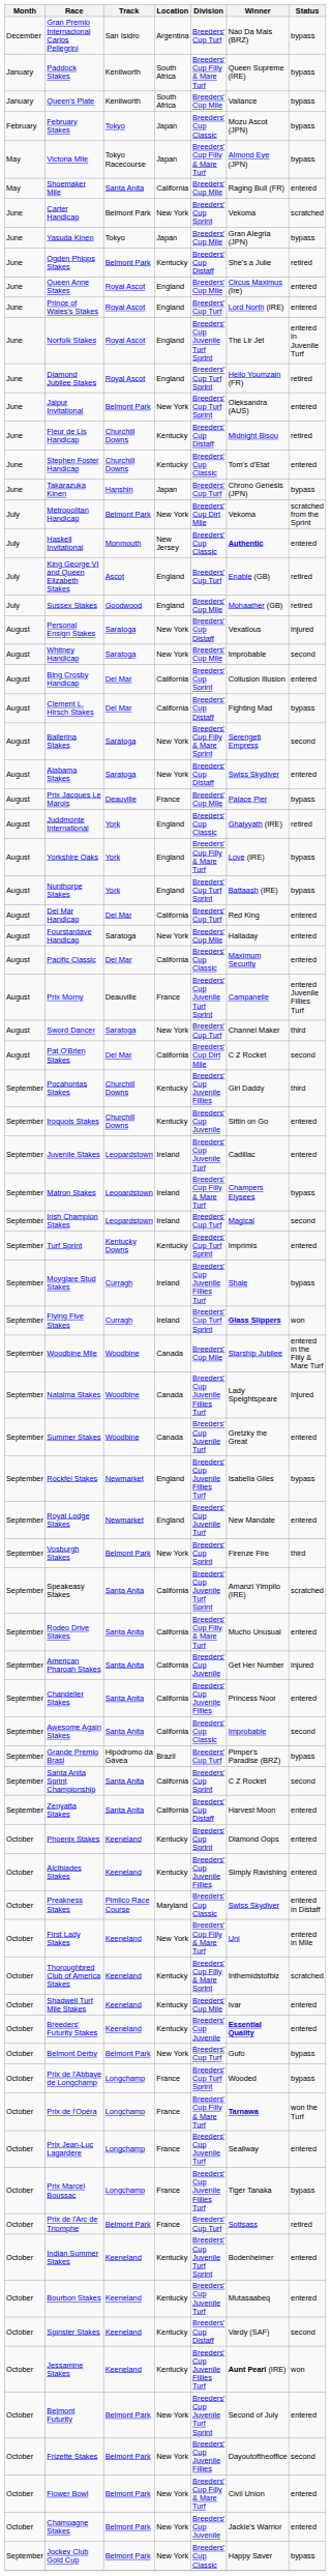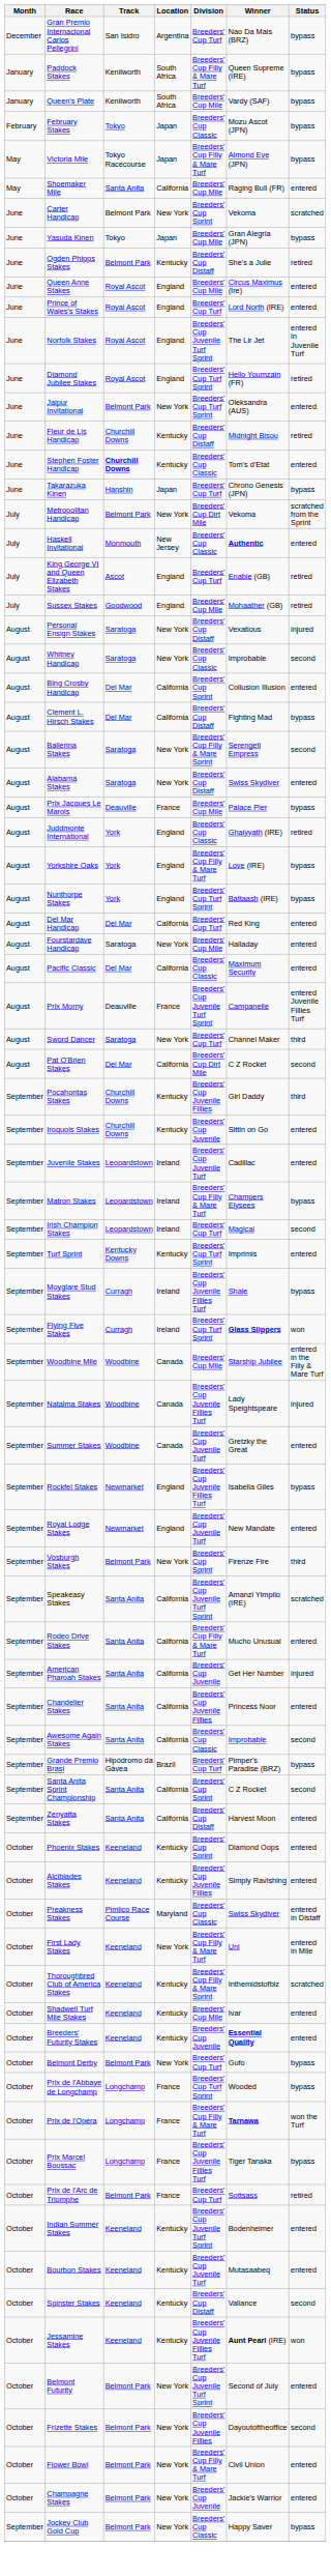 <table class="wikitable sortable" style="font-size:90%">
 <tr>
 <th>Month</th>
 <th width="150px">Race</th>
 <th>Track</th>
 <th>Location</th>
 <th>Division</th>
 <th>Winner</th>
 <th>Status</th>
 </tr>
 <tr>
 <td>December</td>
 <td><a href='#'>Gran Premio Internacional Carlos Pellegrini</a></td>
 <td>San Isidro</td>
 <td>Argentina</td>
 <td><a href='#'>Breeders' Cup Turf</a></td>
 <td>Nao Da Mais (BRZ)</td>
 <td>bypass</td>
 </tr>
 <tr>
 <td>January</td>
 <td><a href='#'>Paddock Stakes</a></td>
 <td>Kenilworth</td>
 <td>South Africa</td>
 <td><a href='#'>Breeders' Cup Filly & Mare Turf</a></td>
 <td>Queen Supreme (IRE)</td>
 <td>bypass</td>
 </tr>
 <tr>
 <td>January</td>
 <td><a href='#'>Queen's Plate</a></td>
 <td>Kenilworth</td>
 <td>South Africa</td>
 <td><a href='#'>Breeders' Cup Mile</a></td>
-<td>Valiance</td>
+<td>Vardy (SAF)</td>
 <td>bypass</td>
 </tr>
 <tr>
 <td>February</td>
 <td><a href='#'>February Stakes</a></td>
 <td><a href='#'>Tokyo</a></td>
 <td>Japan</td>
 <td><a href='#'>Breeders' Cup Classic</a></td>
 <td>Mozu Ascot (JPN)</td>
 <td>bypass</td>
 </tr>
 <tr>
 <td>May</td>
 <td><a href='#'>Victoria Mile</a></td>
 <td>Tokyo Racecourse</td>
 <td>Japan</td>
 <td><a href='#'>Breeders' Cup Filly & Mare Turf</a></td>
 <td><a href='#'>Almond Eye</a> (JPN)</td>
 <td>bypass</td>
 </tr>
 <tr>
 <td>May</td>
 <td><a href='#'>Shoemaker Mile</a></td>
 <td><a href='#'>Santa Anita</a></td>
 <td>California</td>
 <td><a href='#'>Breeders' Cup Mile</a></td>
 <td>Raging Bull (FR)</td>
 <td>entered</td>
 </tr>
 <tr>
 <td>June</td>
 <td><a href='#'>Carter Handicap</a></td>
 <td>Belmont Park</td>
 <td>New York</td>
 <td><a href='#'>Breeders' Cup Sprint</a></td>
 <td>Vekoma</td>
 <td>scratched</td>
 </tr>
 <tr>
 <td>June</td>
 <td><a href='#'>Yasuda Kinen</a></td>
 <td>Tokyo</td>
 <td>Japan</td>
 <td><a href='#'>Breeders' Cup Mile</a></td>
 <td>Gran Alegria (JPN)</td>
 <td>bypass</td>
 </tr>
 <tr>
 <td>June</td>
 <td><a href='#'>Ogden Phipps Stakes</a></td>
 <td><a href='#'>Belmont Park</a></td>
 <td>Kentucky</td>
 <td><a href='#'>Breeders' Cup Distaff</a></td>
 <td>She's a Julie</td>
 <td>retired</td>
 </tr>
 <tr>
 <td>June</td>
 <td><a href='#'>Queen Anne Stakes</a></td>
 <td><a href='#'>Royal Ascot</a></td>
 <td>England</td>
 <td><a href='#'>Breeders' Cup Mile</a></td>
 <td><a href='#'>Circus Maximus</a> (Ire)</td>
 <td>entered</td>
 </tr>
 <tr>
 <td>June</td>
 <td><a href='#'>Prince of Wales's Stakes</a></td>
 <td><a href='#'>Royal Ascot</a></td>
 <td>England</td>
 <td><a href='#'>Breeders' Cup Turf</a></td>
 <td><a href='#'>Lord North</a> (IRE)</td>
 <td>entered</td>
 </tr>
 <tr>
 <td>June</td>
 <td><a href='#'>Norfolk Stakes</a></td>
 <td><a href='#'>Royal Ascot</a></td>
 <td>England</td>
 <td><a href='#'>Breeders' Cup Juvenile Turf Sprint</a></td>
 <td>The Lir Jet</td>
 <td>entered in Juvenile Turf</td>
 </tr>
 <tr>
 <td>June</td>
 <td><a href='#'>Diamond Jubilee Stakes</a></td>
 <td><a href='#'>Royal Ascot</a></td>
 <td>England</td>
 <td><a href='#'>Breeders' Cup Turf Sprint</a></td>
 <td><a href='#'>Hello Youmzain</a> (FR)</td>
 <td>retired</td>
 </tr>
 <tr>
 <td>June</td>
 <td><a href='#'>Jaipur Invitational</a></td>
 <td><a href='#'>Belmont Park</a></td>
 <td>New York</td>
 <td><a href='#'>Breeders' Cup Turf Sprint</a></td>
 <td>Oleksandra (AUS)</td>
 <td>entered</td>
 </tr>
 <tr>
 <td>June</td>
 <td><a href='#'>Fleur de Lis Handicap</a></td>
 <td><a href='#'>Churchill Downs</a></td>
 <td>Kentucky</td>
 <td><a href='#'>Breeders' Cup Distaff</a></td>
 <td><a href='#'>Midnight Bisou</a></td>
 <td>retired</td>
 </tr>
 <tr>
 <td>June</td>
 <td><a href='#'>Stephen Foster Handicap</a></td>
-<td><a href='#'>Churchill Downs</a></td>
+<td><strong><a href='#'>Churchill Downs</a></strong></td>
 <td>Kentucky</td>
 <td><a href='#'>Breeders' Cup Classic</a></td>
 <td>Tom's d'Etat</td>
 <td>entered</td>
 </tr>
 <tr>
 <td>June</td>
 <td><a href='#'>Takarazuka Kinen</a></td>
 <td><a href='#'>Hanshin</a></td>
 <td>Japan</td>
 <td><a href='#'>Breeders' Cup Turf</a></td>
 <td>Chrono Genesis (JPN)</td>
 <td>bypass</td>
 </tr>
 <tr>
 <td>July</td>
 <td><a href='#'>Metropolitan Handicap</a></td>
 <td><a href='#'>Belmont Park</a></td>
 <td>New York</td>
 <td><a href='#'>Breeders' Cup Dirt Mile</a></td>
 <td>Vekoma</td>
 <td>scratched from the Sprint</td>
 </tr>
 <tr>
 <td>July</td>
 <td><a href='#'>Haskell Invitational</a></td>
 <td><a href='#'>Monmouth</a></td>
 <td>New Jersey</td>
 <td><a href='#'>Breeders' Cup Classic</a></td>
 <td><strong><a href='#'>Authentic</a></strong></td>
 <td>entered</td>
 </tr>
 <tr>
 <td>July</td>
 <td><a href='#'>King George VI and Queen Elizabeth Stakes</a></td>
 <td><a href='#'>Ascot</a></td>
 <td>England</td>
 <td><a href='#'>Breeders' Cup Turf</a></td>
 <td><a href='#'>Enable</a> (GB)</td>
 <td>retired</td>
 </tr>
 <tr>
 <td>July</td>
 <td><a href='#'>Sussex Stakes</a></td>
 <td><a href='#'>Goodwood</a></td>
 <td>England</td>
 <td><a href='#'>Breeders' Cup Mile</a></td>
 <td><a href='#'>Mohaather</a> (GB)</td>
 <td>retired</td>
 </tr>
 <tr>
 <td>August</td>
 <td><a href='#'>Personal Ensign Stakes</a></td>
 <td><a href='#'>Saratoga</a></td>
 <td>New York</td>
 <td><a href='#'>Breeders' Cup Distaff</a></td>
 <td>Vexatious</td>
 <td>injured</td>
 </tr>
 <tr>
 <td>August</td>
 <td><a href='#'>Whitney Handicap</a></td>
 <td><a href='#'>Saratoga</a></td>
 <td>New York</td>
-<td><a href='#'>Breeders' Cup Mile</a></td>
+<td><a href='#'>Breeders' Cup Classic</a></td>
 <td>Improbable</td>
 <td>second</td>
 </tr>
 <tr>
 <td>August</td>
 <td><a href='#'>Bing Crosby Handicap</a></td>
 <td><a href='#'>Del Mar</a></td>
 <td>California</td>
 <td><a href='#'>Breeders' Cup Sprint</a></td>
 <td>Collusion Illusion</td>
 <td>entered</td>
 </tr>
 <tr>
 <td>August</td>
 <td><a href='#'>Clement L. Hirsch Stakes</a></td>
 <td><a href='#'>Del Mar</a></td>
 <td>California</td>
 <td><a href='#'>Breeders' Cup Distaff</a></td>
 <td>Fighting Mad</td>
 <td>bypass</td>
 </tr>
 <tr>
 <td>August</td>
 <td><a href='#'>Ballerina Stakes</a></td>
 <td><a href='#'>Saratoga</a></td>
 <td>New York</td>
 <td><a href='#'>Breeders' Cup Filly & Mare Sprint</a></td>
 <td><a href='#'>Serengeti Empress</a></td>
 <td>second</td>
 </tr>
 <tr>
 <td>August</td>
 <td><a href='#'>Alabama Stakes</a></td>
 <td><a href='#'>Saratoga</a></td>
 <td>New York</td>
 <td><a href='#'>Breeders' Cup Distaff</a></td>
 <td><a href='#'>Swiss Skydiver</a></td>
 <td>entered</td>
 </tr>
 <tr>
 <td>August</td>
 <td><a href='#'>Prix Jacques Le Marois</a></td>
 <td><a href='#'>Deauville</a></td>
 <td>France</td>
 <td><a href='#'>Breeders' Cup Mile</a></td>
 <td><a href='#'>Palace Pier</a></td>
 <td>bypass</td>
 </tr>
 <tr>
 <td>August</td>
 <td><a href='#'>Juddmonte International</a></td>
 <td><a href='#'>York</a></td>
 <td>England</td>
 <td><a href='#'>Breeders' Cup Classic</a></td>
 <td><a href='#'>Ghaiyyath</a> (IRE)</td>
 <td>retired</td>
 </tr>
 <tr>
 <td>August</td>
 <td><a href='#'>Yorkshire Oaks</a></td>
 <td><a href='#'>York</a></td>
 <td>England</td>
 <td><a href='#'>Breeders' Cup Filly & Mare Turf</a></td>
 <td><a href='#'>Love</a> (IRE)</td>
 <td>bypass</td>
 </tr>
 <tr>
 <td>August</td>
 <td><a href='#'>Nunthorpe Stakes</a></td>
 <td><a href='#'>York</a></td>
 <td>England</td>
 <td><a href='#'>Breeders' Cup Turf Sprint</a></td>
 <td><a href='#'>Battaash</a> (IRE)</td>
 <td>bypass</td>
 </tr>
 <tr>
 <td>August</td>
 <td><a href='#'>Del Mar Handicap</a></td>
 <td><a href='#'>Del Mar</a></td>
 <td>California</td>
 <td><a href='#'>Breeders' Cup Turf</a></td>
 <td>Red King</td>
 <td>entered</td>
 </tr>
 <tr>
 <td>August</td>
 <td><a href='#'>Fourstardave Handicap</a></td>
 <td>Saratoga</td>
 <td>New York</td>
 <td><a href='#'>Breeders' Cup Mile</a></td>
 <td>Halladay</td>
 <td>entered</td>
 </tr>
 <tr>
 <td>August</td>
 <td><a href='#'>Pacific Classic</a></td>
 <td><a href='#'>Del Mar</a></td>
 <td>California</td>
 <td><a href='#'>Breeders' Cup Classic</a></td>
 <td><a href='#'>Maximum Security</a></td>
 <td>entered</td>
 </tr>
 <tr>
 <td>August</td>
 <td><a href='#'>Prix Morny</a></td>
 <td>Deauville</td>
 <td>France</td>
 <td><a href='#'>Breeders' Cup Juvenile Turf Sprint</a></td>
 <td><a href='#'>Campanelle</a></td>
 <td>entered Juvenile Fillies Turf</td>
 </tr>
 <tr>
 <td>August</td>
 <td><a href='#'>Sword Dancer</a></td>
 <td><a href='#'>Saratoga</a></td>
 <td>New York</td>
 <td><a href='#'>Breeders' Cup Turf</a></td>
 <td>Channel Maker</td>
 <td>third</td>
 </tr>
 <tr>
 <td>August</td>
 <td><a href='#'>Pat O'Brien Stakes</a></td>
 <td><a href='#'>Del Mar</a></td>
 <td>California</td>
 <td><a href='#'>Breeders' Cup Dirt Mile</a></td>
 <td>C Z Rocket</td>
 <td>second</td>
 </tr>
 <tr>
 <td>September</td>
 <td><a href='#'>Pocahontas Stakes</a></td>
 <td><a href='#'>Churchill Downs</a></td>
 <td>Kentucky</td>
 <td><a href='#'>Breeders' Cup Juvenile Fillies</a></td>
 <td>Girl Daddy</td>
 <td>third</td>
 </tr>
 <tr>
 <td>September</td>
 <td><a href='#'>Iroquois Stakes</a></td>
 <td><a href='#'>Churchill Downs</a></td>
 <td>Kentucky</td>
 <td><a href='#'>Breeders' Cup Juvenile</a></td>
 <td>Sittin on Go</td>
 <td>entered</td>
 </tr>
 <tr>
 <td>September</td>
 <td><a href='#'>Juvenile Stakes</a></td>
 <td><a href='#'>Leopardstown</a></td>
 <td>Ireland</td>
 <td><a href='#'>Breeders' Cup Juvenile Turf</a></td>
 <td>Cadillac</td>
 <td>entered</td>
 </tr>
 <tr>
 <td>September</td>
 <td><a href='#'>Matron Stakes</a></td>
 <td><a href='#'>Leopardstown</a></td>
 <td>Ireland</td>
 <td><a href='#'>Breeders' Cup Filly & Mare Turf</a></td>
 <td><a href='#'>Champers Elysees</a></td>
 <td>bypass</td>
 </tr>
 <tr>
 <td>September</td>
 <td><a href='#'>Irish Champion Stakes</a></td>
 <td><a href='#'>Leopardstown</a></td>
 <td>Ireland</td>
 <td><a href='#'>Breeders' Cup Turf</a></td>
 <td><a href='#'>Magical</a></td>
 <td>second</td>
 </tr>
 <tr>
 <td>September</td>
 <td><a href='#'>Turf Sprint</a></td>
 <td><a href='#'>Kentucky Downs</a></td>
 <td>Kentucky</td>
 <td><a href='#'>Breeders' Cup Turf Sprint</a></td>
 <td>Imprimis</td>
 <td>entered</td>
 </tr>
 <tr>
 <td>September</td>
 <td><a href='#'>Moyglare Stud Stakes</a></td>
 <td><a href='#'>Curragh</a></td>
 <td>Ireland</td>
 <td><a href='#'>Breeders' Cup Juvenile Fillies Turf</a></td>
 <td><a href='#'>Shale</a></td>
 <td>bypass</td>
 </tr>
 <tr>
 <td>September</td>
 <td><a href='#'>Flying Five Stakes</a></td>
 <td><a href='#'>Curragh</a></td>
 <td>Ireland</td>
 <td><a href='#'>Breeders' Cup Turf Sprint</a></td>
 <td><strong><a href='#'>Glass Slippers</a></strong></td>
 <td>won</td>
 </tr>
 <tr>
 <td>September</td>
 <td><a href='#'>Woodbine Mile</a></td>
 <td><a href='#'>Woodbine</a></td>
 <td>Canada</td>
 <td><a href='#'>Breeders' Cup Mile</a></td>
 <td><a href='#'>Starship Jubilee</a></td>
 <td>entered in the Filly & Mare Turf</td>
 </tr>
 <tr>
 <td>September</td>
 <td><a href='#'>Natalma Stakes</a></td>
 <td><a href='#'>Woodbine</a></td>
 <td>Canada</td>
 <td><a href='#'>Breeders' Cup Juvenile Fillies Turf</a></td>
 <td>Lady Speightspeare</td>
 <td>injured</td>
 </tr>
 <tr>
 <td>September</td>
 <td><a href='#'>Summer Stakes</a></td>
 <td><a href='#'>Woodbine</a></td>
 <td>Canada</td>
 <td><a href='#'>Breeders' Cup Juvenile Turf</a></td>
 <td>Gretzky the Great</td>
 <td>entered</td>
 </tr>
 <tr>
 <td>September</td>
 <td><a href='#'>Rockfel Stakes</a></td>
 <td><a href='#'>Newmarket</a></td>
 <td>England</td>
 <td><a href='#'>Breeders' Cup Juvenile Fillies Turf</a></td>
 <td>Isabella Giles</td>
 <td>bypass</td>
 </tr>
 <tr>
 <td>September</td>
 <td><a href='#'>Royal Lodge Stakes</a></td>
 <td><a href='#'>Newmarket</a></td>
 <td>England</td>
 <td><a href='#'>Breeders' Cup Juvenile Turf</a></td>
 <td>New Mandate</td>
 <td>entered</td>
 </tr>
 <tr>
 <td>September</td>
 <td><a href='#'>Vosburgh Stakes</a></td>
 <td><a href='#'>Belmont Park</a></td>
 <td>New York</td>
 <td><a href='#'>Breeders' Cup Sprint</a></td>
 <td>Firenze Fire</td>
 <td>third</td>
 </tr>
 <tr>
 <td>September</td>
 <td>Speakeasy Stakes</td>
 <td><a href='#'>Santa Anita</a></td>
 <td>California</td>
 <td><a href='#'>Breeders' Cup Juvenile Turf Sprint</a></td>
 <td>Amanzi Yimpilo (IRE)</td>
 <td>scratched</td>
 </tr>
 <tr>
 <td>September</td>
 <td><a href='#'>Rodeo Drive Stakes</a></td>
 <td><a href='#'>Santa Anita</a></td>
 <td>California</td>
 <td><a href='#'>Breeders' Cup Filly & Mare Turf</a></td>
 <td>Mucho Unusual</td>
 <td>entered</td>
 </tr>
 <tr>
 <td>September</td>
 <td><a href='#'>American Pharoah Stakes</a></td>
 <td><a href='#'>Santa Anita</a></td>
 <td>California</td>
 <td><a href='#'>Breeders' Cup Juvenile</a></td>
 <td>Get Her Number</td>
 <td>injured</td>
 </tr>
 <tr>
 <td>September</td>
 <td><a href='#'>Chandelier Stakes</a></td>
 <td><a href='#'>Santa Anita</a></td>
 <td>California</td>
 <td><a href='#'>Breeders' Cup Juvenile Fillies</a></td>
 <td>Princess Noor</td>
 <td>entered</td>
 </tr>
 <tr>
 <td>September</td>
 <td><a href='#'>Awesome Again Stakes</a></td>
 <td><a href='#'>Santa Anita</a></td>
 <td>California</td>
 <td><a href='#'>Breeders' Cup Classic</a></td>
 <td><a href='#'>Improbable</a></td>
 <td>second</td>
 </tr>
 <tr>
 <td>September</td>
 <td><a href='#'>Grande Premio Brasi</a></td>
 <td>Hipódromo da Gávea</td>
 <td>Brazil</td>
 <td><a href='#'>Breeders' Cup Turf</a></td>
 <td>Pimper's Paradise (BRZ)</td>
 <td>bypass</td>
 </tr>
 <tr>
 <td>September</td>
 <td><a href='#'>Santa Anita Sprint Championship</a></td>
 <td><a href='#'>Santa Anita</a></td>
 <td>California</td>
 <td><a href='#'>Breeders' Cup Sprint</a></td>
 <td>C Z Rocket</td>
 <td>second</td>
 </tr>
 <tr>
 <td>September</td>
 <td><a href='#'>Zenyatta Stakes</a></td>
 <td><a href='#'>Santa Anita</a></td>
 <td>California</td>
 <td><a href='#'>Breeders' Cup Distaff</a></td>
 <td>Harvest Moon</td>
 <td>entered</td>
 </tr>
 <tr>
 <td>October</td>
 <td><a href='#'>Phoenix Stakes</a></td>
 <td><a href='#'>Keeneland</a></td>
 <td>Kentucky</td>
 <td><a href='#'>Breeders' Cup Sprint</a></td>
 <td>Diamond Oops</td>
 <td>entered</td>
 </tr>
 <tr>
 <td>October</td>
 <td><a href='#'>Alcibiades Stakes</a></td>
 <td><a href='#'>Keeneland</a></td>
 <td>Kentucky</td>
 <td><a href='#'>Breeders' Cup Juvenile Fillies</a></td>
 <td>Simply Ravishing</td>
 <td>entered</td>
 </tr>
 <tr>
 <td>October</td>
 <td><a href='#'>Preakness Stakes</a></td>
 <td><a href='#'>Pimlico Race Course</a></td>
 <td>Maryland</td>
 <td><a href='#'>Breeders' Cup Classic</a></td>
 <td><a href='#'>Swiss Skydiver</a></td>
 <td>entered in Distaff</td>
 </tr>
 <tr>
 <td>October</td>
 <td><a href='#'>First Lady Stakes</a></td>
 <td><a href='#'>Keeneland</a></td>
 <td>New York</td>
 <td><a href='#'>Breeders' Cup Filly & Mare Turf</a></td>
 <td><a href='#'>Uni</a></td>
 <td>entered in Mile</td>
 </tr>
 <tr>
 <td>October</td>
 <td><a href='#'>Thoroughbred Club of America Stakes</a></td>
 <td><a href='#'>Keeneland</a></td>
 <td>Kentucky</td>
 <td><a href='#'>Breeders' Cup Filly & Mare Sprint</a></td>
 <td>Inthemidstofbiz</td>
 <td>scratched</td>
 </tr>
 <tr>
 <td>October</td>
 <td><a href='#'>Shadwell Turf Mile Stakes</a></td>
 <td><a href='#'>Keeneland</a></td>
 <td>Kentucky</td>
 <td><a href='#'>Breeders' Cup Mile</a></td>
 <td>Ivar</td>
 <td>entered</td>
 </tr>
 <tr>
 <td>October</td>
 <td><a href='#'>Breeders' Futurity Stakes</a></td>
 <td><a href='#'>Keeneland</a></td>
 <td>Kentucky</td>
 <td><a href='#'>Breeders' Cup Juvenile</a></td>
 <td><strong><a href='#'>Essential Quality</a></strong></td>
 <td>entered</td>
 </tr>
 <tr>
 <td>October</td>
 <td><a href='#'>Belmont Derby</a></td>
 <td><a href='#'>Belmont Park</a></td>
 <td>New York</td>
 <td><a href='#'>Breeders' Cup Turf</a></td>
 <td>Gufo</td>
 <td>bypass</td>
 </tr>
 <tr>
 <td>October</td>
 <td><a href='#'>Prix de l'Abbaye de Longchamp</a></td>
 <td><a href='#'>Longchamp</a></td>
 <td>France</td>
 <td><a href='#'>Breeders' Cup Turf Sprint</a></td>
 <td>Wooded</td>
 <td>bypass</td>
 </tr>
 <tr>
 <td>October</td>
 <td><a href='#'>Prix de l'Opéra</a></td>
 <td><a href='#'>Longchamp</a></td>
 <td>France</td>
 <td><a href='#'>Breeders' Cup Filly & Mare Turf</a></td>
 <td><strong><a href='#'>Tarnawa</a></strong></td>
 <td>won the Turf</td>
 </tr>
 <tr>
 <td>October</td>
-<td><a href='#'>Prix Jean-Luc Lagardère</a></td>
-<td><a href='#'>Longchamp</a></td>
-<td>France</td>
-<td><a href='#'>Breeders' Cup Juvenile Turf</a></td>
-<td>Sealiway</td>
-<td>entered</td>
-</tr>
-<tr>
-<td>October</td>
 <td><a href='#'>Prix Marcel Boussac</a></td>
 <td><a href='#'>Longchamp</a></td>
 <td>France</td>
 <td><a href='#'>Breeders' Cup Juvenile Fillies Turf</a></td>
 <td>Tiger Tanaka</td>
 <td>bypass</td>
 </tr>
 <tr>
 <td>October</td>
 <td><a href='#'>Prix de l'Arc de Triomphe</a></td>
 <td><a href='#'>Belmont Park</a></td>
 <td>France</td>
 <td><a href='#'>Breeders' Cup Turf</a></td>
 <td><a href='#'>Sottsass</a></td>
 <td>retired</td>
 </tr>
 <tr>
 <td>October</td>
 <td><a href='#'>Indian Summer Stakes</a></td>
 <td><a href='#'>Keeneland</a></td>
 <td>Kentucky</td>
 <td><a href='#'>Breeders' Cup Juvenile Turf Sprint</a></td>
 <td>Bodenheimer</td>
 <td>entered</td>
 </tr>
 <tr>
 <td>October</td>
 <td><a href='#'>Bourbon Stakes</a></td>
 <td><a href='#'>Keeneland</a></td>
 <td>Kentucky</td>
 <td><a href='#'>Breeders' Cup Juvenile Turf</a></td>
 <td>Mutasaabeq</td>
 <td>entered</td>
 </tr>
 <tr>
 <td>October</td>
 <td><a href='#'>Spinster Stakes</a></td>
 <td><a href='#'>Keeneland</a></td>
 <td>Kentucky</td>
 <td><a href='#'>Breeders' Cup Distaff</a></td>
-<td>Vardy (SAF)</td>
+<td>Valiance</td>
 <td>second</td>
 </tr>
 <tr>
 <td>October</td>
 <td><a href='#'>Jessamine Stakes</a></td>
 <td><a href='#'>Keeneland</a></td>
 <td>Kentucky</td>
 <td><a href='#'>Breeders' Cup Juvenile Fillies Turf</a></td>
 <td><strong>Aunt Pearl</strong> (IRE)</td>
 <td>won</td>
 </tr>
 <tr>
 <td>October</td>
 <td><a href='#'>Belmont Futurity</a></td>
 <td><a href='#'>Belmont Park</a></td>
 <td>New York</td>
 <td><a href='#'>Breeders' Cup Juvenile Turf Sprint</a></td>
 <td>Second of July</td>
 <td>entered</td>
 </tr>
 <tr>
 <td>October</td>
 <td><a href='#'>Frizette Stakes</a></td>
 <td><a href='#'>Belmont Park</a></td>
 <td>New York</td>
 <td><a href='#'>Breeders' Cup Juvenile Fillies</a></td>
 <td>Dayoutoftheoffice</td>
 <td>second</td>
 </tr>
 <tr>
 <td>October</td>
 <td><a href='#'>Flower Bowl</a></td>
 <td><a href='#'>Belmont Park</a></td>
 <td>New York</td>
 <td><a href='#'>Breeders' Cup Filly & Mare Turf</a></td>
 <td>Civil Union</td>
 <td>entered</td>
 </tr>
 <tr>
 <td>October</td>
 <td><a href='#'>Champagne Stakes</a></td>
 <td><a href='#'>Belmont Park</a></td>
 <td>New York</td>
 <td><a href='#'>Breeders' Cup Juvenile</a></td>
 <td>Jackie's Warrior</td>
 <td>entered</td>
 </tr>
 <tr>
 <td>September</td>
 <td><a href='#'>Jockey Club Gold Cup</a></td>
 <td><a href='#'>Belmont Park</a></td>
 <td>New York</td>
 <td><a href='#'>Breeders' Cup Classic</a></td>
 <td>Happy Saver</td>
 <td>bypass</td>
 </tr>
 <tr>
 </tr>
 </table>
